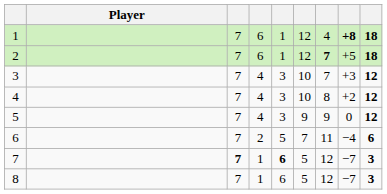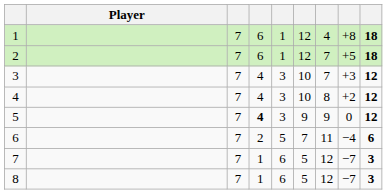 <table class="wikitable" style="text-align:center; margin: 1em auto 1em auto, align:left">
 <tr>
 <th width=20></th>
 <th width=240>Player</th>
 <th width=20></th>
 <th width=20></th>
 <th width=20></th>
 <th width=20></th>
 <th width=20></th>
 <th width=20></th>
 <th width=20></th>
 </tr>
 <tr style="background:#D0F0C0;">
 <td>1</td>
 <td align=left></td>
 <td>7</td>
 <td>6</td>
 <td>1</td>
 <td>12</td>
 <td>4</td>
-<td><strong>+8</strong></td>
+<td>+8</td>
 <td><strong>18</strong></td>
 </tr>
 <tr style="background:#D0F0C0;">
 <td>2</td>
 <td align=left></td>
 <td>7</td>
 <td>6</td>
 <td>1</td>
 <td>12</td>
-<td><strong>7</strong></td>
+<td>7</td>
 <td>+5</td>
 <td><strong>18</strong></td>
 </tr>
 <tr style=>
 <td>3</td>
 <td align=left></td>
 <td>7</td>
 <td>4</td>
 <td>3</td>
 <td>10</td>
 <td>7</td>
 <td>+3</td>
 <td><strong>12</strong></td>
 </tr>
 <tr style=>
 <td>4</td>
 <td align=left></td>
 <td>7</td>
 <td>4</td>
 <td>3</td>
 <td>10</td>
 <td>8</td>
 <td>+2</td>
 <td><strong>12</strong></td>
 </tr>
 <tr style=>
 <td>5</td>
 <td align=left></td>
 <td>7</td>
-<td>4</td>
+<td><strong>4</strong></td>
 <td>3</td>
 <td>9</td>
 <td>9</td>
 <td>0</td>
 <td><strong>12</strong></td>
 </tr>
 <tr style=>
 <td>6</td>
 <td align=left></td>
 <td>7</td>
 <td>2</td>
 <td>5</td>
 <td>7</td>
 <td>11</td>
 <td>−4</td>
 <td><strong>6</strong></td>
 </tr>
 <tr style=>
 <td>7</td>
 <td align=left></td>
-<td><strong>7</strong></td>
+<td>7</td>
 <td>1</td>
-<td><strong>6</strong></td>
+<td>6</td>
 <td>5</td>
 <td>12</td>
 <td>−7</td>
 <td><strong>3</strong></td>
 </tr>
 <tr style=>
 <td>8</td>
 <td align=left></td>
 <td>7</td>
 <td>1</td>
 <td>6</td>
 <td>5</td>
 <td>12</td>
 <td>−7</td>
 <td><strong>3</strong></td>
 </tr>
 </table>
